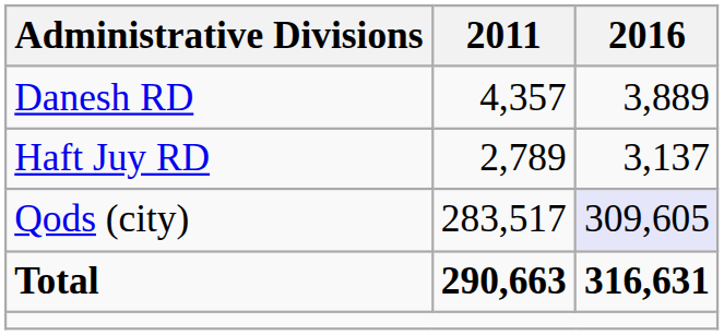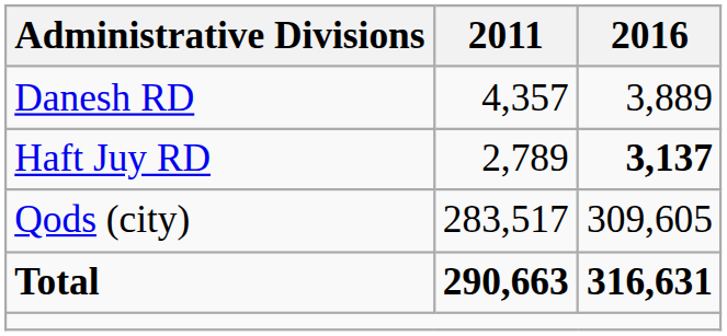 <table class="wikitable">
 <tr>
 <th>Administrative Divisions</th>
 <th>2011</th>
 <th>2016</th>
 </tr>
 <tr>
 <td><a href='#'>Danesh RD</a></td>
 <td style="text-align: right;">4,357</td>
 <td style="text-align: right;">3,889</td>
 </tr>
 <tr>
 <td><a href='#'>Haft Juy RD</a></td>
 <td style="text-align: right;">2,789</td>
-<td style="text-align: right;">3,137</td>
+<td style="text-align: right;"><strong>3,137</strong></td>
 </tr>
 <tr>
 <td><a href='#'>Qods</a> (city)</td>
 <td style="text-align: right;">283,517</td>
-<td style="background: lavender; text-align: right;">309,605</td>
+<td style="text-align: right;">309,605</td>
 </tr>
 <tr>
 <td><strong>Total</strong></td>
 <td style="text-align: right;"><strong>290,663</strong></td>
 <td style="text-align: right;"><strong>316,631</strong></td>
 </tr>
 <tr>
 <td colspan=3></td>
 </tr>
 </table>
